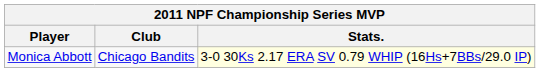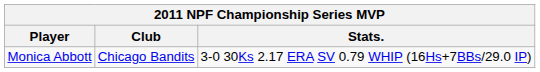 <table class="wikitable">
 <tr>
 <th colspan=3>2011 NPF Championship Series MVP</th>
 </tr>
 <tr>
 <th>Player</th>
 <th>Club</th>
 <th>Stats.</th>
 </tr>
 <tr>
 <td><a href='#'>Monica Abbott</a></td>
 <td><a href='#'>Chicago Bandits</a></td>
-<td style="background: lightyellow;">3-0 30<a href='#'>Ks</a> 2.17 <a href='#'>ERA</a> <a href='#'>SV</a> 0.79 <a href='#'>WHIP</a> (16<a href='#'>Hs</a>+7<a href='#'>BBs</a>/29.0 <a href='#'>IP</a>)</td>
+<td>3-0 30<a href='#'>Ks</a> 2.17 <a href='#'>ERA</a> <a href='#'>SV</a> 0.79 <a href='#'>WHIP</a> (16<a href='#'>Hs</a>+7<a href='#'>BBs</a>/29.0 <a href='#'>IP</a>)</td>
 </tr>
 </table>
